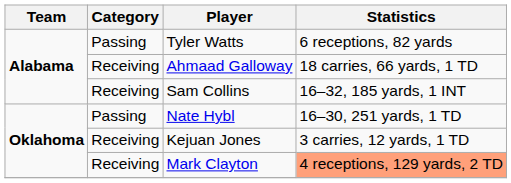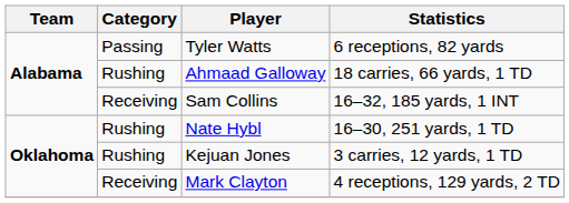 <table class="wikitable" style="float: right;">
 <tr>
 <th>Team</th>
 <th>Category</th>
 <th>Player</th>
 <th>Statistics</th>
 </tr>
 <tr>
 <td rowspan=3><strong>Alabama</strong></td>
 <td>Passing</td>
 <td>Tyler Watts</td>
 <td>6 receptions, 82 yards</td>
 </tr>
 <tr>
-<td>Receiving</td>
+<td>Rushing</td>
 <td><a href='#'>Ahmaad Galloway</a></td>
 <td>18 carries, 66 yards, 1 TD</td>
 </tr>
 <tr>
 <td>Receiving</td>
 <td>Sam Collins</td>
 <td>16–32, 185 yards, 1 INT</td>
 </tr>
 <tr>
 <td rowspan=3><strong>Oklahoma</strong></td>
-<td>Passing</td>
+<td>Rushing</td>
 <td><a href='#'>Nate Hybl</a></td>
 <td>16–30, 251 yards, 1 TD</td>
 </tr>
 <tr>
-<td>Receiving</td>
+<td>Rushing</td>
 <td>Kejuan Jones</td>
 <td>3 carries, 12 yards, 1 TD</td>
 </tr>
 <tr>
 <td>Receiving</td>
 <td><a href='#'>Mark Clayton</a></td>
-<td style="background: lightsalmon;">4 receptions, 129 yards, 2 TD</td>
+<td>4 receptions, 129 yards, 2 TD</td>
 </tr>
 <tr>
 </tr>
 </table>
